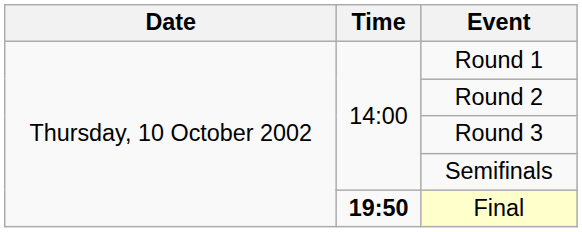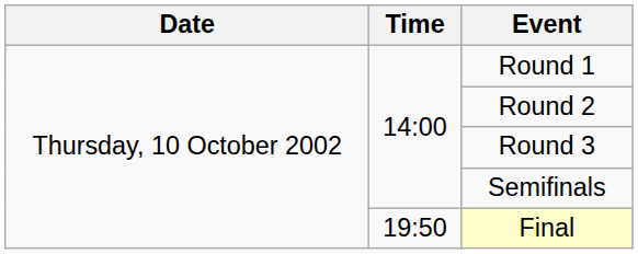 <table class = "wikitable" style="text-align:center;">
 <tr>
 <th width=220>Date</th>
 <th width=50>Time</th>
 <th width=100>Event</th>
 </tr>
 <tr>
 <td rowspan=5>Thursday, 10 October 2002</td>
 <td rowspan=4>14:00</td>
 <td>Round 1</td>
 </tr>
 <tr>
 <td>Round 2</td>
 </tr>
 <tr>
 <td>Round 3</td>
 </tr>
 <tr>
 <td>Semifinals</td>
 </tr>
 <tr>
-<td><strong>19:50</strong></td>
+<td>19:50</td>
 <td bgcolor=ffffcc>Final</td>
 </tr>
 </table>
